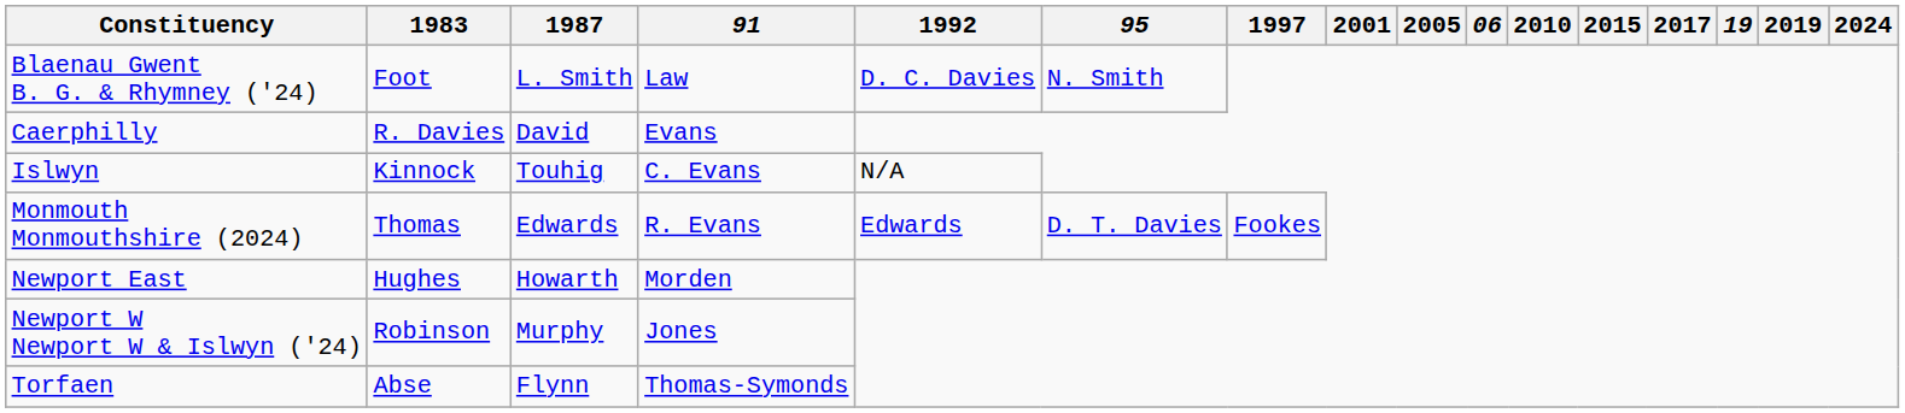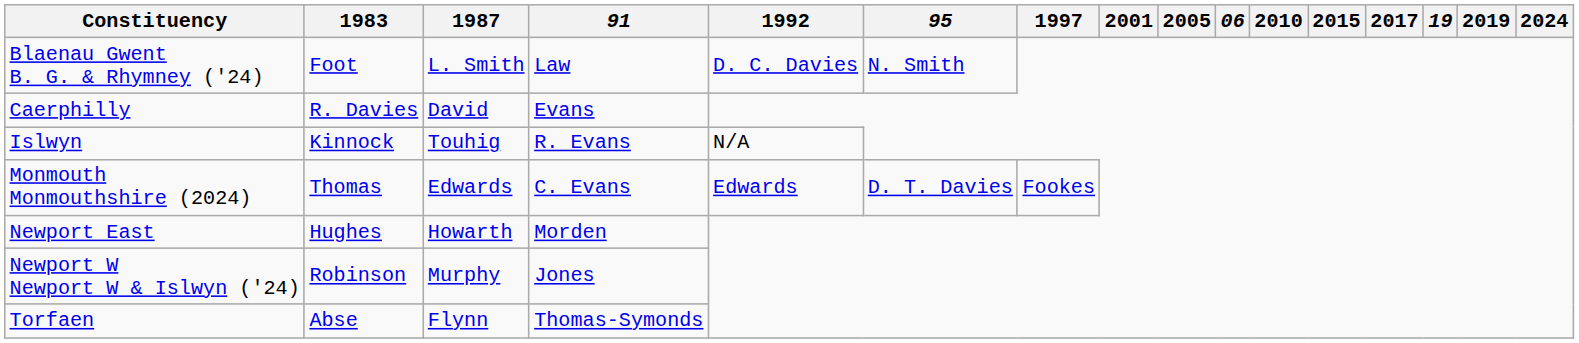 <table class="wikitable">
 <tr>
 <th>Constituency</th>
 <th>1983</th>
 <th>1987</th>
 <th><em>91</em></th>
 <th>1992</th>
 <th><em>95</em></th>
 <th>1997</th>
 <th>2001</th>
 <th>2005</th>
 <th><em>06</em></th>
 <th>2010</th>
 <th>2015</th>
 <th>2017</th>
 <th><em>19</em></th>
 <th>2019</th>
 <th>2024</th>
 </tr>
 <tr>
 <td><a href='#'>Blaenau Gwent</a><br><a href='#'>B. G. & Rhymney</a> ('24)</td>
 <td><a href='#'>Foot</a></td>
 <td><a href='#'>L. Smith</a></td>
 <td><a href='#'>Law</a></td>
 <td><a href='#'>D. C. Davies</a></td>
 <td><a href='#'>N. Smith</a></td>
 </tr>
 <tr>
 <td><a href='#'>Caerphilly</a></td>
 <td><a href='#'>R. Davies</a></td>
 <td><a href='#'>David</a></td>
 <td><a href='#'>Evans</a></td>
 </tr>
 <tr>
 <td><a href='#'>Islwyn</a></td>
 <td><a href='#'>Kinnock</a></td>
 <td><a href='#'>Touhig</a></td>
-<td><a href='#'>C. Evans</a></td>
+<td><a href='#'>R. Evans</a></td>
 <td>N/A</td>
 </tr>
 <tr>
 <td><a href='#'>Monmouth</a><br><a href='#'>Monmouthshire</a> (2024)</td>
 <td><a href='#'>Thomas</a></td>
 <td><a href='#'>Edwards</a></td>
-<td><a href='#'>R. Evans</a></td>
+<td><a href='#'>C. Evans</a></td>
 <td><a href='#'>Edwards</a></td>
 <td><a href='#'>D. T. Davies</a></td>
 <td><a href='#'>Fookes</a></td>
 </tr>
 <tr>
 <td><a href='#'>Newport East</a></td>
 <td><a href='#'>Hughes</a></td>
 <td><a href='#'>Howarth</a></td>
 <td><a href='#'>Morden</a></td>
 </tr>
 <tr>
 <td><a href='#'>Newport W</a><br><a href='#'>Newport W & Islwyn</a> ('24)</td>
 <td><a href='#'>Robinson</a></td>
 <td><a href='#'>Murphy</a></td>
 <td><a href='#'>Jones</a></td>
 </tr>
 <tr>
 <td><a href='#'>Torfaen</a></td>
 <td><a href='#'>Abse</a></td>
 <td><a href='#'>Flynn</a></td>
 <td><a href='#'>Thomas-Symonds</a></td>
 </tr>
 </table>
